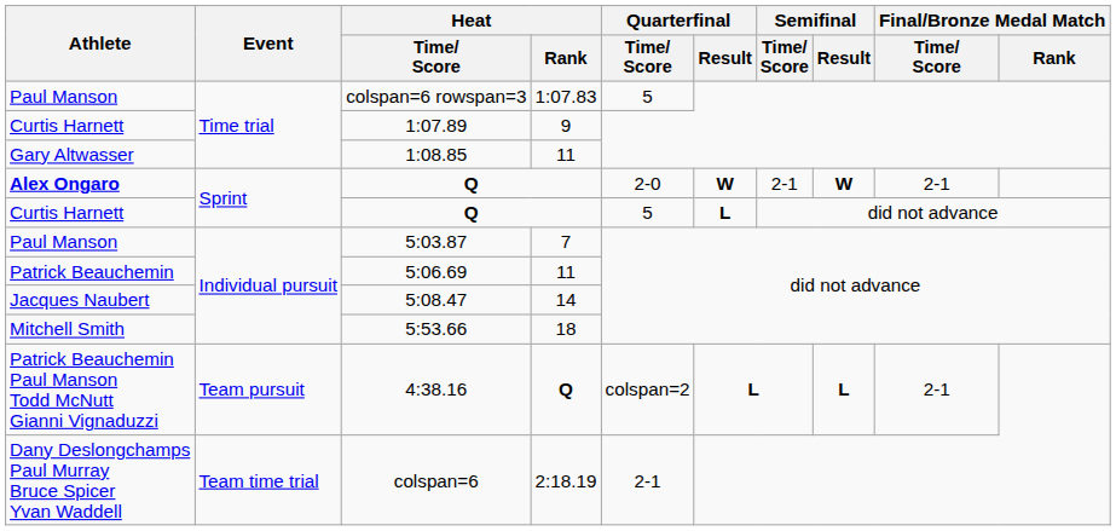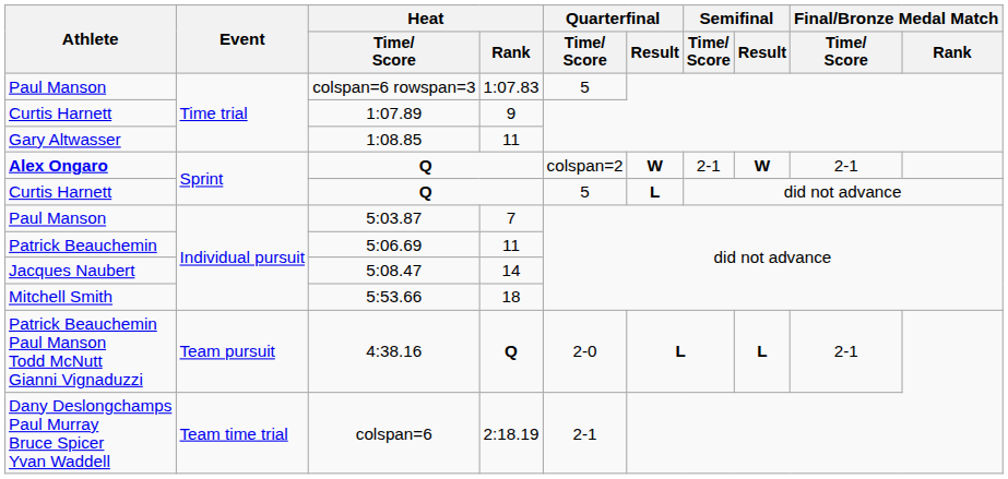 <table class=wikitable style=font-size:90%>
 <tr>
 <th rowspan=2>Athlete</th>
 <th rowspan=2>Event</th>
 <th colspan=2>Heat</th>
 <th colspan=2>Quarterfinal</th>
 <th colspan=2>Semifinal</th>
 <th colspan=2>Final/Bronze Medal Match</th>
 </tr>
 <tr style=font-size:95%>
 <th>Time/<br>Score</th>
 <th>Rank</th>
 <th>Time/<br>Score</th>
 <th>Result</th>
 <th>Time/<br>Score</th>
 <th>Result</th>
 <th>Time/<br>Score</th>
 <th>Rank</th>
 </tr>
 <tr align=center>
 <td align=left><a href='#'>Paul Manson</a></td>
 <td align=left rowspan=3><a href='#'>Time trial</a></td>
 <td>colspan=6 rowspan=3 </td>
 <td>1:07.83</td>
 <td>5</td>
 </tr>
 <tr align=center>
 <td align=left><a href='#'>Curtis Harnett</a></td>
 <td>1:07.89</td>
 <td>9</td>
 </tr>
 <tr align=center>
 <td align=left><a href='#'>Gary Altwasser</a></td>
 <td>1:08.85</td>
 <td>11</td>
 </tr>
 <tr align=center>
 <td align=left><strong><a href='#'>Alex Ongaro</a></strong></td>
 <td align=left rowspan=2><a href='#'>Sprint</a></td>
 <td colspan=2><strong>Q</strong></td>
-<td>2-0</td>
+<td>colspan=2 </td>
 <td><strong>W</strong></td>
 <td>2-1</td>
 <td><strong>W</strong></td>
 <td>2-1</td>
 <td></td>
 </tr>
 <tr align=center>
 <td align=left><a href='#'>Curtis Harnett</a></td>
 <td colspan=2><strong>Q</strong></td>
 <td>5</td>
 <td><strong>L</strong></td>
 <td colspan=4>did not advance</td>
 </tr>
 <tr align=center>
 <td align=left><a href='#'>Paul Manson</a></td>
 <td align=left rowspan=4><a href='#'>Individual pursuit</a></td>
 <td>5:03.87</td>
 <td>7</td>
 <td colspan=6 rowspan=4>did not advance</td>
 </tr>
 <tr align=center>
 <td align=left><a href='#'>Patrick Beauchemin</a></td>
 <td>5:06.69</td>
 <td>11</td>
 </tr>
 <tr align=center>
 <td align=left><a href='#'>Jacques Naubert</a></td>
 <td>5:08.47</td>
 <td>14</td>
 </tr>
 <tr align=center>
 <td align=left><a href='#'>Mitchell Smith</a></td>
 <td>5:53.66</td>
 <td>18</td>
 </tr>
 <tr align=center>
 <td align=left><a href='#'>Patrick Beauchemin</a><br><a href='#'>Paul Manson</a><br><a href='#'>Todd McNutt</a><br><a href='#'>Gianni Vignaduzzi</a></td>
 <td align=left><a href='#'>Team pursuit</a></td>
 <td>4:38.16</td>
 <td><strong>Q</strong></td>
-<td>colspan=2 </td>
+<td>2-0</td>
 <td colspan=2><strong>L</strong></td>
 <td><strong>L</strong></td>
 <td>2-1</td>
 </tr>
 <tr align=center>
 <td align=left><a href='#'>Dany Deslongchamps</a><br><a href='#'>Paul Murray</a><br><a href='#'>Bruce Spicer</a><br><a href='#'>Yvan Waddell</a></td>
 <td align=left><a href='#'>Team time trial</a></td>
 <td>colspan=6 </td>
 <td>2:18.19</td>
 <td>2-1</td>
 </tr>
 </table>
